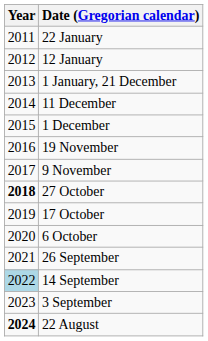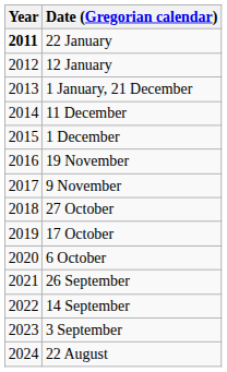 <table class="wikitable">
 <tr>
 <th>Year</th>
 <th>Date (<a href='#'>Gregorian calendar</a>)</th>
 </tr>
 <tr>
-<td>2011</td>
+<td><strong>2011</strong></td>
 <td>22 January</td>
 </tr>
 <tr>
 <td>2012</td>
 <td>12 January</td>
 </tr>
 <tr>
 <td>2013</td>
 <td>1 January, 21 December</td>
 </tr>
 <tr>
 <td>2014</td>
 <td>11 December</td>
 </tr>
 <tr>
 <td>2015</td>
 <td>1 December</td>
 </tr>
 <tr>
 <td>2016</td>
 <td>19 November</td>
 </tr>
 <tr>
 <td>2017</td>
 <td>9 November</td>
 </tr>
 <tr>
-<td><strong>2018</strong></td>
+<td>2018</td>
 <td>27 October</td>
 </tr>
 <tr>
 <td>2019</td>
 <td>17 October</td>
 </tr>
 <tr>
 <td>2020</td>
 <td>6 October</td>
 </tr>
 <tr>
 <td>2021</td>
 <td>26 September</td>
 </tr>
 <tr>
-<td style="background: lightblue;">2022</td>
+<td>2022</td>
 <td>14 September</td>
 </tr>
 <tr>
 <td>2023</td>
 <td>3 September</td>
 </tr>
 <tr>
-<td><strong>2024</strong></td>
+<td>2024</td>
 <td>22 August</td>
 </tr>
 </table>
